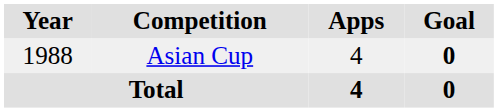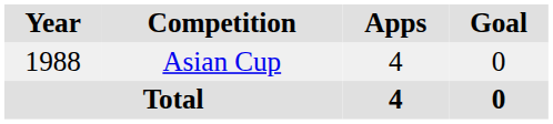 <table border="0" cellpadding="2" cellspacing="0" style="width:50%;">
 <tr style="text-align:center; background:#e0e0e0;">
 <th>Year</th>
 <th>Competition</th>
 <th>Apps</th>
 <th>Goal</th>
 </tr>
 <tr style="text-align:center; background:#f0f0f0;">
 <td>1988</td>
 <td><a href='#'>Asian Cup</a></td>
 <td>4</td>
-<td><strong>0</strong></td>
+<td>0</td>
 </tr>
 <tr style="text-align:center; background:#e0e0e0;">
 <th colspan="2">Total</th>
 <th style="text-align:center;">4</th>
 <th style="text-align:center;">0</th>
 </tr>
 </table>
